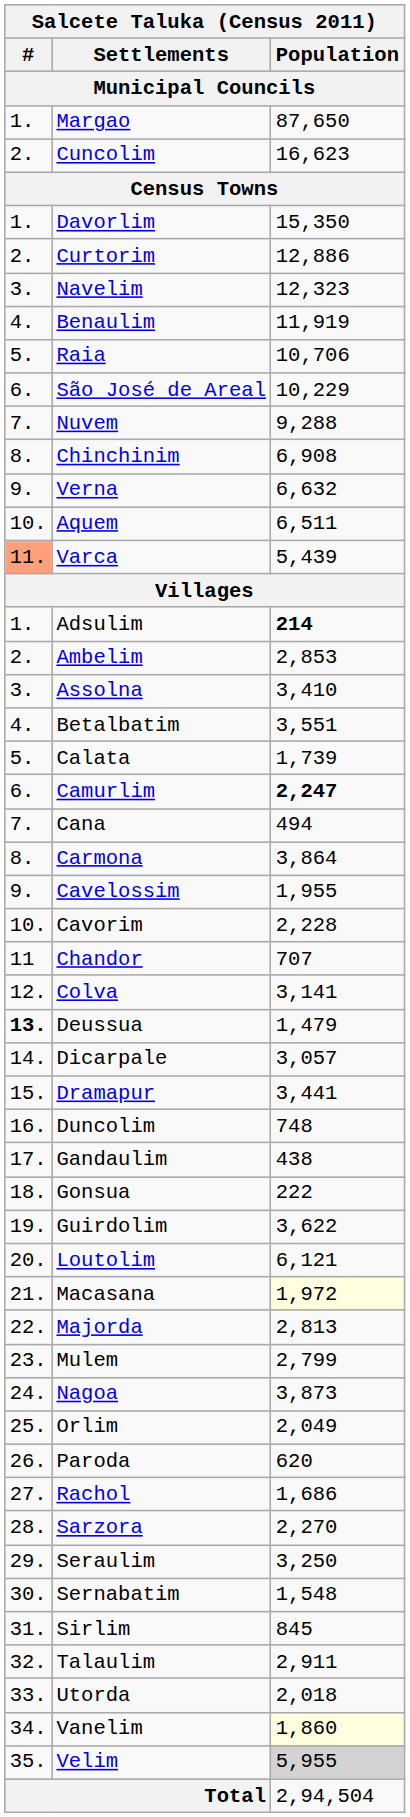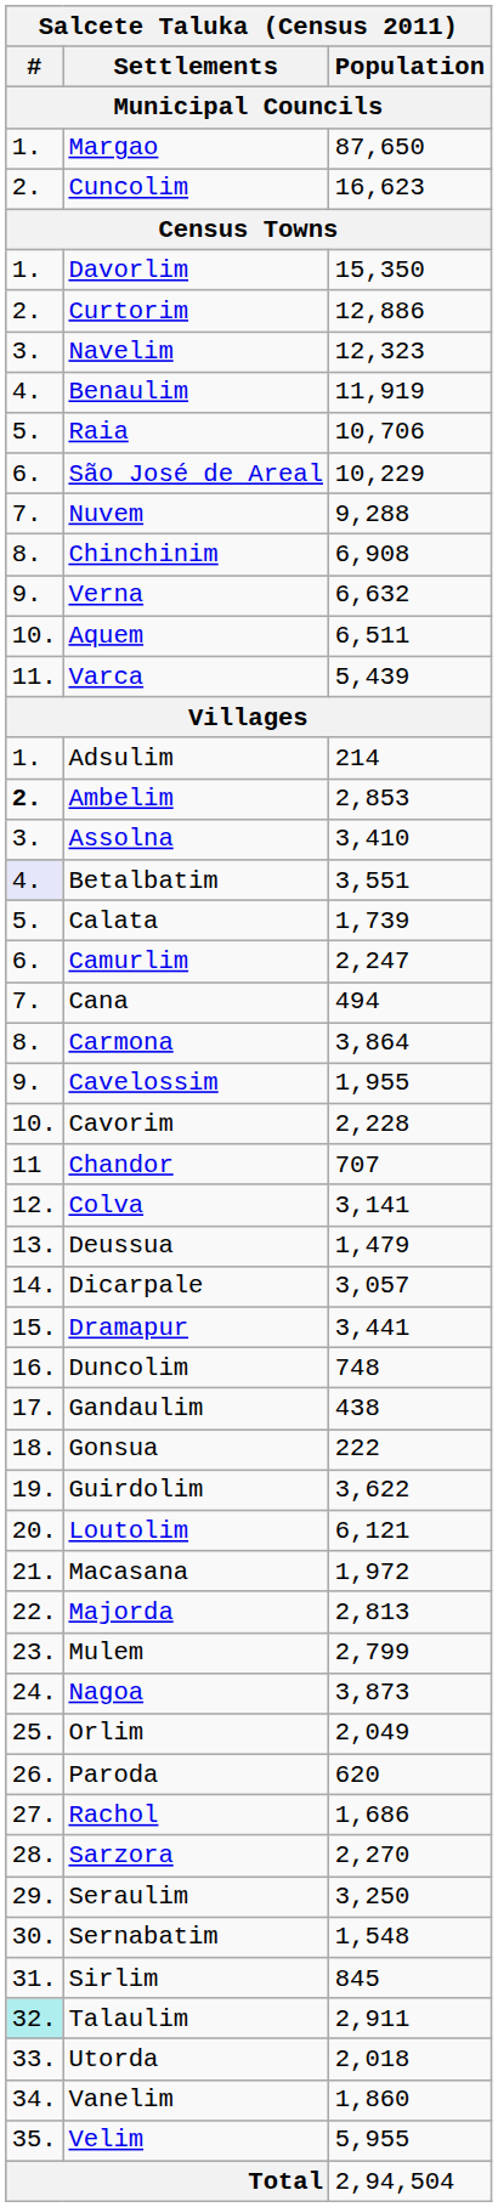 <table class="wikitable">
 <tr>
 <th colspan="3" style="text-align:center;">Salcete Taluka (Census 2011)</th>
 </tr>
 <tr>
 <th>#</th>
 <th>Settlements</th>
 <th>Population</th>
 </tr>
 <tr>
 <th colspan="3" style="text-align:center;">Municipal Councils</th>
 </tr>
 <tr>
 <td>1.</td>
 <td><a href='#'>Margao</a></td>
 <td>87,650</td>
 </tr>
 <tr>
 <td>2.</td>
 <td><a href='#'>Cuncolim</a></td>
 <td>16,623</td>
 </tr>
 <tr>
 <th colspan="3" style="text-align:center;">Census Towns</th>
 </tr>
 <tr>
 <td>1.</td>
 <td><a href='#'>Davorlim</a></td>
 <td>15,350</td>
 </tr>
 <tr>
 <td>2.</td>
 <td><a href='#'>Curtorim</a></td>
 <td>12,886</td>
 </tr>
 <tr>
 <td>3.</td>
 <td><a href='#'>Navelim</a></td>
 <td>12,323</td>
 </tr>
 <tr>
 <td>4.</td>
 <td><a href='#'>Benaulim</a></td>
 <td>11,919</td>
 </tr>
 <tr>
 <td>5.</td>
 <td><a href='#'>Raia</a></td>
 <td>10,706</td>
 </tr>
 <tr>
 <td>6.</td>
 <td><a href='#'>São José de Areal</a></td>
 <td>10,229</td>
 </tr>
 <tr>
 <td>7.</td>
 <td><a href='#'>Nuvem</a></td>
 <td>9,288</td>
 </tr>
 <tr>
 <td>8.</td>
 <td><a href='#'>Chinchinim</a></td>
 <td>6,908</td>
 </tr>
 <tr>
 <td>9.</td>
 <td><a href='#'>Verna</a></td>
 <td>6,632</td>
 </tr>
 <tr>
 <td>10.</td>
 <td><a href='#'>Aquem</a></td>
 <td>6,511</td>
 </tr>
 <tr>
-<td style="background: lightsalmon;">11.</td>
+<td>11.</td>
 <td><a href='#'>Varca</a></td>
 <td>5,439</td>
 </tr>
 <tr>
 <th colspan="3" style="text-align:center;">Villages</th>
 </tr>
 <tr>
 <td>1.</td>
 <td>Adsulim</td>
-<td><strong>214</strong></td>
+<td>214</td>
 </tr>
 <tr>
-<td>2.</td>
+<td><strong>2.</strong></td>
 <td><a href='#'>Ambelim</a></td>
 <td>2,853</td>
 </tr>
 <tr>
 <td>3.</td>
 <td><a href='#'>Assolna</a></td>
 <td>3,410</td>
 </tr>
 <tr>
-<td>4.</td>
+<td style="background: lavender;">4.</td>
 <td>Betalbatim</td>
 <td>3,551</td>
 </tr>
 <tr>
 <td>5.</td>
 <td>Calata</td>
 <td>1,739</td>
 </tr>
 <tr>
 <td>6.</td>
 <td><a href='#'>Camurlim</a></td>
-<td><strong>2,247</strong></td>
+<td>2,247</td>
 </tr>
 <tr>
 <td>7.</td>
 <td>Cana</td>
 <td>494</td>
 </tr>
 <tr>
 <td>8.</td>
 <td><a href='#'>Carmona</a></td>
 <td>3,864</td>
 </tr>
 <tr>
 <td>9.</td>
 <td><a href='#'>Cavelossim</a></td>
 <td>1,955</td>
 </tr>
 <tr>
 <td>10.</td>
 <td>Cavorim</td>
 <td>2,228</td>
 </tr>
 <tr>
 <td>11</td>
 <td><a href='#'>Chandor</a></td>
 <td>707</td>
 </tr>
 <tr>
 <td>12.</td>
 <td><a href='#'>Colva</a></td>
 <td>3,141</td>
 </tr>
 <tr>
-<td><strong>13.</strong></td>
+<td>13.</td>
 <td>Deussua</td>
 <td>1,479</td>
 </tr>
 <tr>
 <td>14.</td>
 <td>Dicarpale</td>
 <td>3,057</td>
 </tr>
 <tr>
 <td>15.</td>
 <td><a href='#'>Dramapur</a></td>
 <td>3,441</td>
 </tr>
 <tr>
 <td>16.</td>
 <td>Duncolim</td>
 <td>748</td>
 </tr>
 <tr>
 <td>17.</td>
 <td>Gandaulim</td>
 <td>438</td>
 </tr>
 <tr>
 <td>18.</td>
 <td>Gonsua</td>
 <td>222</td>
 </tr>
 <tr>
 <td>19.</td>
 <td>Guirdolim</td>
 <td>3,622</td>
 </tr>
 <tr>
 <td>20.</td>
 <td><a href='#'>Loutolim</a></td>
 <td>6,121</td>
 </tr>
 <tr>
 <td>21.</td>
 <td>Macasana</td>
-<td style="background: lightyellow;">1,972</td>
+<td>1,972</td>
 </tr>
 <tr>
 <td>22.</td>
 <td><a href='#'>Majorda</a></td>
 <td>2,813</td>
 </tr>
 <tr>
 <td>23.</td>
 <td>Mulem</td>
 <td>2,799</td>
 </tr>
 <tr>
 <td>24.</td>
 <td><a href='#'>Nagoa</a></td>
 <td>3,873</td>
 </tr>
 <tr>
 <td>25.</td>
 <td>Orlim</td>
 <td>2,049</td>
 </tr>
 <tr>
 <td>26.</td>
 <td>Paroda</td>
 <td>620</td>
 </tr>
 <tr>
 <td>27.</td>
 <td><a href='#'>Rachol</a></td>
 <td>1,686</td>
 </tr>
 <tr>
 <td>28.</td>
 <td><a href='#'>Sarzora</a></td>
 <td>2,270</td>
 </tr>
 <tr>
 <td>29.</td>
 <td>Seraulim</td>
 <td>3,250</td>
 </tr>
 <tr>
 <td>30.</td>
 <td>Sernabatim</td>
 <td>1,548</td>
 </tr>
 <tr>
 <td>31.</td>
 <td>Sirlim</td>
 <td>845</td>
 </tr>
 <tr>
-<td>32.</td>
+<td style="background: paleturquoise;">32.</td>
 <td>Talaulim</td>
 <td>2,911</td>
 </tr>
 <tr>
 <td>33.</td>
 <td>Utorda</td>
 <td>2,018</td>
 </tr>
 <tr>
 <td>34.</td>
 <td>Vanelim</td>
-<td style="background: lightyellow;">1,860</td>
+<td>1,860</td>
 </tr>
 <tr>
 <td>35.</td>
 <td><a href='#'>Velim</a></td>
-<td style="background: lightgrey;">5,955</td>
+<td>5,955</td>
 </tr>
 <tr>
 <th colspan="2" style="text-align:right;">Total</th>
 <td>2,94,504</td>
 </tr>
 </table>
